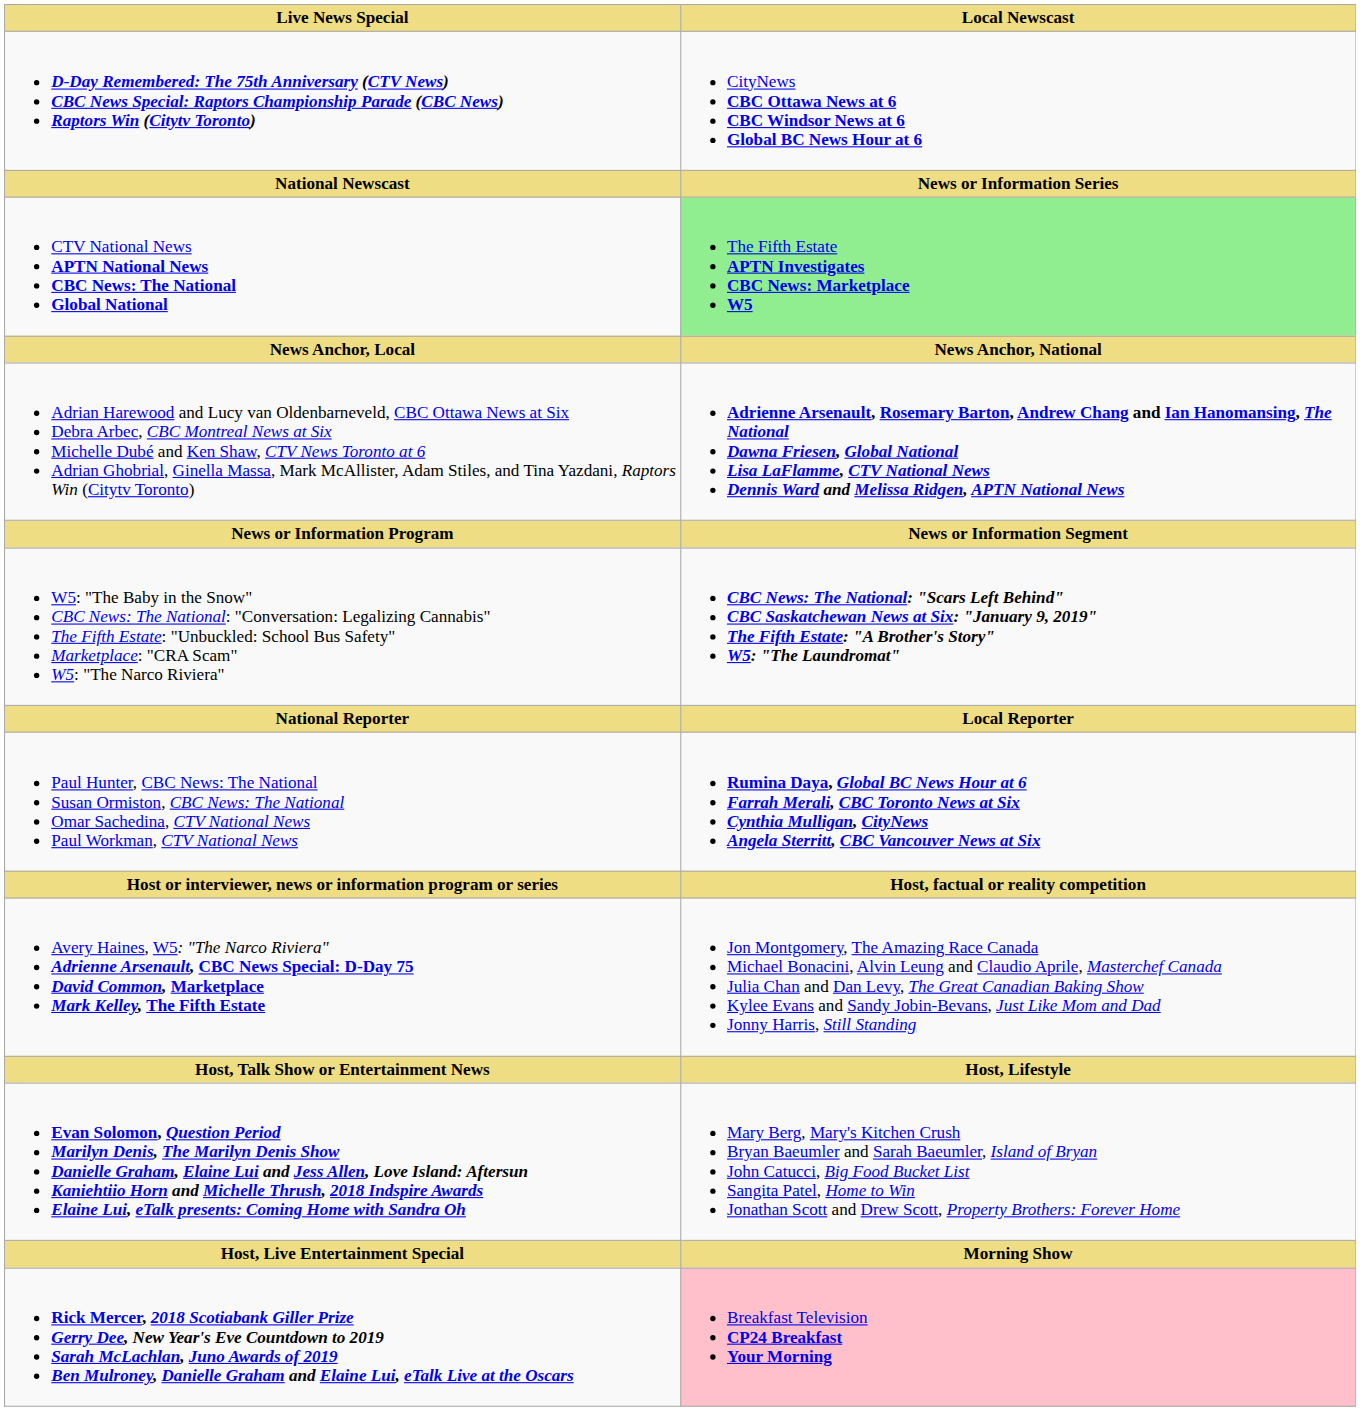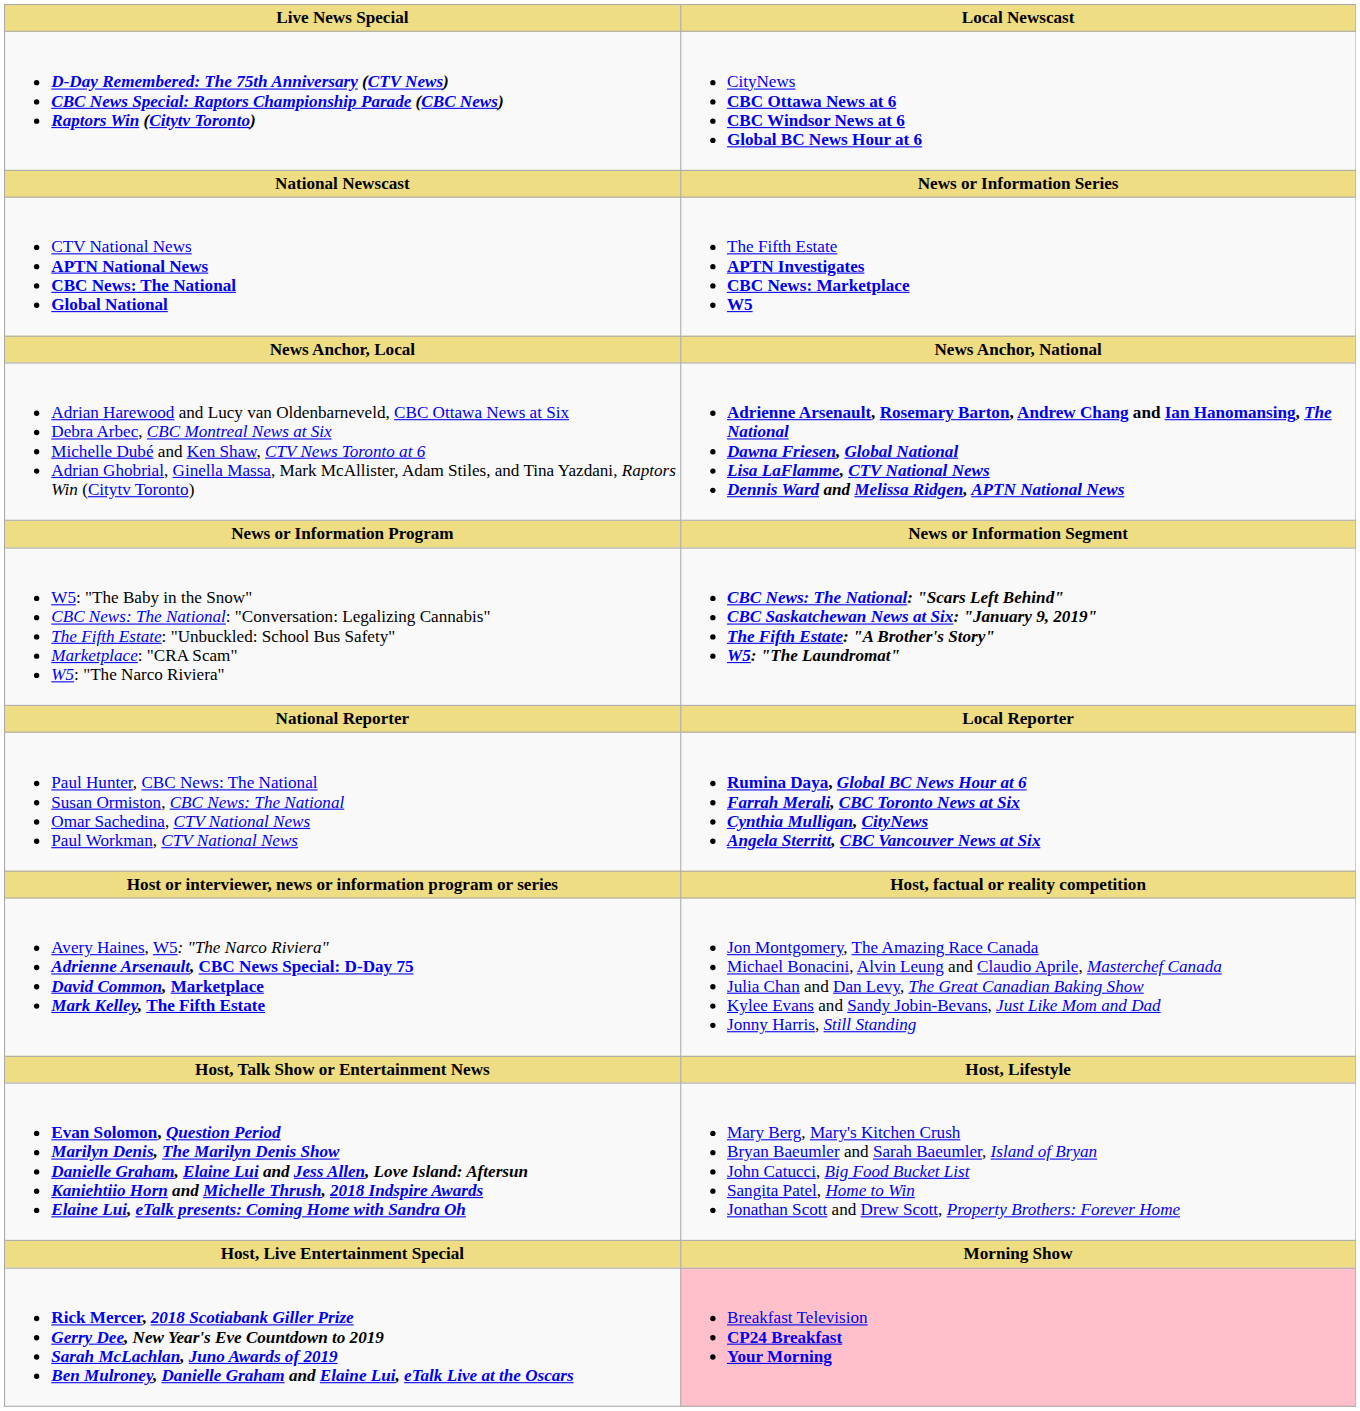 <table class=wikitable width="100%">
 <tr>
 <th style="background:#EEDD82; width:50%">Live News Special</th>
 <th style="background:#EEDD82; width:50%">Local Newscast</th>
 </tr>
 <tr>
 <td valign="top"><br><ul><li> <strong><em><a href='#'>D-Day Remembered: The 75th Anniversary</a><em> (<a href='#'>CTV News</a>)<strong></li><li></em><a href='#'>CBC News Special: Raptors Championship Parade</a><em> (<a href='#'>CBC News</a>)</li><li></em><a href='#'>Raptors Win</a><em> (<a href='#'>Citytv Toronto</a>)</li></ul></td>
 <td valign="top"><br><ul><li> </em></strong><a href='#'>CityNews</a><strong><em></li><li></em><a href='#'>CBC Ottawa News at 6</a><em></li><li></em><a href='#'>CBC Windsor News at 6</a><em></li><li></em><a href='#'>Global BC News Hour at 6</a><em></li></ul></td>
 </tr>
 <tr>
 <th style="background:#EEDD82; width:50%">National Newscast</th>
 <th style="background:#EEDD82; width:50%">News or Information Series</th>
 </tr>
 <tr>
 <td valign="top"><br><ul><li> </em></strong><a href='#'>CTV National News</a><strong><em></li><li></em><a href='#'>APTN National News</a><em></li><li></em><a href='#'>CBC News: The National</a><em></li><li></em><a href='#'>Global National</a><em></li></ul></td>
-<td valign="top" style="background: lightgreen;"><br><ul><li> </em></strong><a href='#'>The Fifth Estate</a><strong><em></li><li></em><a href='#'>APTN Investigates</a><em></li><li></em><a href='#'>CBC News: Marketplace</a><em></li><li></em><a href='#'>W5</a><em></li></ul></td>
+<td valign="top"><br><ul><li> </em></strong><a href='#'>The Fifth Estate</a><strong><em></li><li></em><a href='#'>APTN Investigates</a><em></li><li></em><a href='#'>CBC News: Marketplace</a><em></li><li></em><a href='#'>W5</a><em></li></ul></td>
 </tr>
 <tr>
 <th style="background:#EEDD82; width:50%">News Anchor, Local</th>
 <th style="background:#EEDD82; width:50%">News Anchor, National</th>
 </tr>
 <tr>
 <td valign="top"><br><ul><li> </strong><a href='#'>Adrian Harewood</a> and Lucy van Oldenbarneveld, </em><a href='#'>CBC Ottawa News at Six</a></em></strong></li><li><a href='#'>Debra Arbec</a>, <em><a href='#'>CBC Montreal News at Six</a></em></li><li><a href='#'>Michelle Dubé</a> and <a href='#'>Ken Shaw</a>, <em><a href='#'>CTV News Toronto at 6</a></em></li><li><a href='#'>Adrian Ghobrial</a>, <a href='#'>Ginella Massa</a>, Mark McAllister, Adam Stiles, and Tina Yazdani, <em>Raptors Win</em> (<a href='#'>Citytv Toronto</a>)</li></ul></td>
 <td valign="top"><br><ul><li> <strong><a href='#'>Adrienne Arsenault</a>, <a href='#'>Rosemary Barton</a>, <a href='#'>Andrew Chang</a> and <a href='#'>Ian Hanomansing</a>, <em><a href='#'>The National</a><strong><em></li><li><a href='#'>Dawna Friesen</a>, </em><a href='#'>Global National</a><em></li><li><a href='#'>Lisa LaFlamme</a>, </em><a href='#'>CTV National News</a><em></li><li><a href='#'>Dennis Ward</a> and <a href='#'>Melissa Ridgen</a>, </em><a href='#'>APTN National News</a><em></li></ul></td>
 </tr>
 <tr>
 <th style="background:#EEDD82; width:50%">News or Information Program</th>
 <th style="background:#EEDD82; width:50%">News or Information Segment</th>
 </tr>
 <tr>
 <td valign="top"><br><ul><li> </em></strong><a href='#'>W5</a></em>: "The Baby in the Snow"</strong></li><li><em><a href='#'>CBC News: The National</a></em>: "Conversation: Legalizing Cannabis"</li><li><em><a href='#'>The Fifth Estate</a></em>: "Unbuckled: School Bus Safety"</li><li><em><a href='#'>Marketplace</a></em>: "CRA Scam"</li><li><em><a href='#'>W5</a></em>: "The Narco Riviera"</li></ul></td>
 <td valign="top"><br><ul><li> <strong><em><a href='#'>CBC News: The National</a><em>: "Scars Left Behind"<strong></li><li></em><a href='#'>CBC Saskatchewan News at Six</a><em>: "January 9, 2019"</li><li></em><a href='#'>The Fifth Estate</a><em>: "A Brother's Story"</li><li></em><a href='#'>W5</a><em>: "The Laundromat"</li></ul></td>
 </tr>
 <tr>
 <th style="background:#EEDD82; width:50%">National Reporter</th>
 <th style="background:#EEDD82; width:50%">Local Reporter</th>
 </tr>
 <tr>
 <td valign="top"><br><ul><li> </strong><a href='#'>Paul Hunter</a>, </em><a href='#'>CBC News: The National</a></em></strong></li><li><a href='#'>Susan Ormiston</a>, <em><a href='#'>CBC News: The National</a></em></li><li><a href='#'>Omar Sachedina</a>, <em><a href='#'>CTV National News</a></em></li><li><a href='#'>Paul Workman</a>, <em><a href='#'>CTV National News</a></em></li></ul></td>
 <td valign="top"><br><ul><li> <strong><a href='#'>Rumina Daya</a>, <em><a href='#'>Global BC News Hour at 6</a><strong><em></li><li><a href='#'>Farrah Merali</a>, </em><a href='#'>CBC Toronto News at Six</a><em></li><li><a href='#'>Cynthia Mulligan</a>, </em><a href='#'>CityNews</a><em></li><li><a href='#'>Angela Sterritt</a>, </em><a href='#'>CBC Vancouver News at Six</a><em></li></ul></td>
 </tr>
 <tr>
 <th style="background:#EEDD82; width:50%">Host or interviewer, news or information program or series</th>
 <th style="background:#EEDD82; width:50%">Host, factual or reality competition</th>
 </tr>
 <tr>
 <td valign="top"><br><ul><li> </strong><a href='#'>Avery Haines</a>, </em><a href='#'>W5</a><em>: "The Narco Riviera"<strong></li><li><a href='#'>Adrienne Arsenault</a>, </em><a href='#'>CBC News Special: D-Day 75</a><em></li><li><a href='#'>David Common</a>, </em><a href='#'>Marketplace</a><em></li><li><a href='#'>Mark Kelley</a>, </em><a href='#'>The Fifth Estate</a><em></li></ul></td>
 <td valign="top"><br><ul><li> </strong><a href='#'>Jon Montgomery</a>, </em><a href='#'>The Amazing Race Canada</a></em></strong></li><li><a href='#'>Michael Bonacini</a>, <a href='#'>Alvin Leung</a> and <a href='#'>Claudio Aprile</a>, <em><a href='#'>Masterchef Canada</a></em></li><li><a href='#'>Julia Chan</a> and <a href='#'>Dan Levy</a>, <em><a href='#'>The Great Canadian Baking Show</a></em></li><li><a href='#'>Kylee Evans</a> and <a href='#'>Sandy Jobin-Bevans</a>, <em><a href='#'>Just Like Mom and Dad</a></em></li><li><a href='#'>Jonny Harris</a>, <em><a href='#'>Still Standing</a></em></li></ul></td>
 </tr>
 <tr>
 <th style="background:#EEDD82; width:50%">Host, Talk Show or Entertainment News</th>
 <th style="background:#EEDD82; width:50%">Host, Lifestyle</th>
 </tr>
 <tr>
 <td valign="top"><br><ul><li> <strong><a href='#'>Evan Solomon</a>, <em><a href='#'>Question Period</a><strong><em></li><li><a href='#'>Marilyn Denis</a>, </em><a href='#'>The Marilyn Denis Show</a><em></li><li><a href='#'>Danielle Graham</a>, <a href='#'>Elaine Lui</a> and <a href='#'>Jess Allen</a>, </em>Love Island: Aftersun<em></li><li><a href='#'>Kaniehtiio Horn</a> and <a href='#'>Michelle Thrush</a>, </em><a href='#'>2018 Indspire Awards</a><em></li><li><a href='#'>Elaine Lui</a>, </em><a href='#'>eTalk presents: Coming Home with Sandra Oh</a><em></li></ul></td>
 <td valign="top"><br><ul><li> </strong><a href='#'>Mary Berg</a>, </em><a href='#'>Mary's Kitchen Crush</a></em></strong></li><li><a href='#'>Bryan Baeumler</a> and <a href='#'>Sarah Baeumler</a>, <em><a href='#'>Island of Bryan</a></em></li><li><a href='#'>John Catucci</a>, <em><a href='#'>Big Food Bucket List</a></em></li><li><a href='#'>Sangita Patel</a>, <em><a href='#'>Home to Win</a></em></li><li><a href='#'>Jonathan Scott</a> and <a href='#'>Drew Scott</a>, <em><a href='#'>Property Brothers: Forever Home</a></em></li></ul></td>
 </tr>
 <tr>
 <th style="background:#EEDD82; width:50%">Host, Live Entertainment Special</th>
 <th style="background:#EEDD82; width:50%">Morning Show</th>
 </tr>
 <tr>
 <td valign="top"><br><ul><li> <strong><a href='#'>Rick Mercer</a>, <em><a href='#'>2018 Scotiabank Giller Prize</a><strong><em></li><li><a href='#'>Gerry Dee</a>, </em>New Year's Eve Countdown to 2019<em></li><li><a href='#'>Sarah McLachlan</a>, </em><a href='#'>Juno Awards of 2019</a><em></li><li><a href='#'>Ben Mulroney</a>, <a href='#'>Danielle Graham</a> and <a href='#'>Elaine Lui</a>, </em><a href='#'>eTalk Live at the Oscars</a><em></li></ul></td>
 <td valign="top" style="background: pink;"><br><ul><li> </em></strong><a href='#'>Breakfast Television</a><strong><em></li><li></em><a href='#'>CP24 Breakfast</a><em></li><li></em><a href='#'>Your Morning</a><em></li></ul></td>
 </tr>
 </table>
